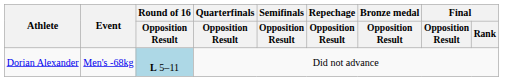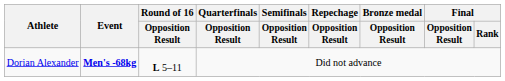 <table class="wikitable" style="font-size:90%">
 <tr>
 <th rowspan=2>Athlete</th>
 <th rowspan=2>Event</th>
 <th>Round of 16</th>
 <th>Quarterfinals</th>
 <th>Semifinals</th>
 <th>Repechage</th>
 <th>Bronze medal</th>
 <th colspan=2>Final</th>
 </tr>
 <tr style="font-size:95%">
 <th>Opposition<br>Result</th>
 <th>Opposition<br>Result</th>
 <th>Opposition<br>Result</th>
 <th>Opposition<br>Result</th>
 <th>Opposition<br>Result</th>
 <th>Opposition<br>Result</th>
 <th>Rank</th>
 </tr>
 <tr align=center>
 <td align=left><a href='#'>Dorian Alexander</a></td>
-<td align=left><a href='#'>Men's -68kg</a></td>
-<td style="background: lightblue;"><br><strong>L</strong> 5–11</td>
+<td align=left><strong><a href='#'>Men's -68kg</a></strong></td>
+<td><br><strong>L</strong> 5–11</td>
 <td colspan=6>Did not advance</td>
 </tr>
 </table>
